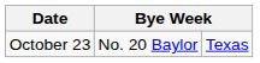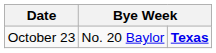 <table class="wikitable" style="font-size:95%;">
 <tr>
 <th>Date</th>
 <th colspan="2">Bye Week</th>
 </tr>
 <tr>
 <td>October 23</td>
 <td>No. 20 <a href='#'>Baylor</a></td>
-<td><a href='#'>Texas</a></td>
+<td><strong><a href='#'>Texas</a></strong></td>
 </tr>
 </table>
